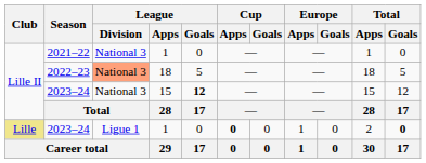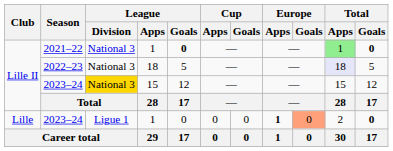 <table class="wikitable" style="text-align:center">
 <tr>
 <th rowspan="2">Club</th>
 <th rowspan="2">Season</th>
 <th colspan="3">League</th>
 <th colspan="2">Cup</th>
 <th colspan="2">Europe</th>
 <th colspan="2">Total</th>
 </tr>
 <tr>
 <th>Division</th>
 <th>Apps</th>
 <th>Goals</th>
 <th>Apps</th>
 <th>Goals</th>
 <th>Apps</th>
 <th>Goals</th>
 <th>Apps</th>
 <th>Goals</th>
 </tr>
 <tr>
 <td rowspan="4"><a href='#'>Lille II</a></td>
 <td><a href='#'>2021–22</a></td>
 <td><a href='#'>National 3</a></td>
 <td>1</td>
-<td>0</td>
+<td><strong>0</strong></td>
 <td colspan="2">—</td>
 <td colspan="2">—</td>
-<td>1</td>
-<td>0</td>
+<td style="background: lightgreen;">1</td>
+<td><strong>0</strong></td>
 </tr>
 <tr>
 <td><a href='#'>2022–23</a></td>
-<td style="background: lightsalmon;">National 3</td>
+<td>National 3</td>
 <td>18</td>
 <td>5</td>
 <td colspan="2">—</td>
 <td colspan="2">—</td>
-<td>18</td>
+<td style="background: lavender;">18</td>
 <td>5</td>
 </tr>
 <tr>
 <td><a href='#'>2023–24</a></td>
-<td>National 3</td>
+<td style="background: gold;">National 3</td>
 <td>15</td>
-<td><strong>12</strong></td>
+<td>12</td>
 <td colspan="2">—</td>
 <td colspan="2">—</td>
 <td>15</td>
 <td>12</td>
 </tr>
 <tr>
 <th colspan="2">Total</th>
 <th>28</th>
 <th>17</th>
 <th colspan="2">—</th>
 <th colspan="2">—</th>
 <th>28</th>
 <th>17</th>
 </tr>
 <tr>
-<td style="background: khaki;"><a href='#'>Lille</a></td>
+<td><a href='#'>Lille</a></td>
 <td><a href='#'>2023–24</a></td>
 <td><a href='#'>Ligue 1</a></td>
 <td>1</td>
 <td>0</td>
-<td><strong>0</strong></td>
 <td>0</td>
-<td>1</td>
 <td>0</td>
+<td><strong>1</strong></td>
+<td style="background: lightsalmon;">0</td>
 <td>2</td>
 <td><strong>0</strong></td>
 </tr>
 <tr>
 <th colspan="3">Career total</th>
 <th>29</th>
 <th>17</th>
 <th>0</th>
 <th>0</th>
 <th>1</th>
 <th>0</th>
 <th>30</th>
 <th>17</th>
 </tr>
 </table>
